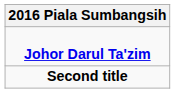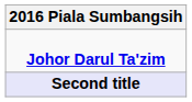 <table class="wikitable" style="text-align: center; margin: 0 auto;">
 <tr>
 <th>2016 Piala Sumbangsih</th>
 </tr>
 <tr>
 <td><br><a href='#'><strong>Johor Darul Ta'zim</strong></a></td>
 </tr>
 <tr>
-<td><strong>Second title</strong></td>
+<td style="background: lavender;"><strong>Second title</strong></td>
 </tr>
 </table>
